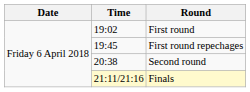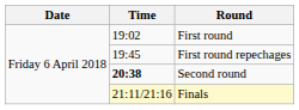 <table class="wikitable">
 <tr>
 <th>Date</th>
 <th>Time</th>
 <th>Round</th>
 </tr>
 <tr>
 <td rowspan=4>Friday 6 April 2018</td>
 <td>19:02</td>
 <td>First round</td>
 </tr>
 <tr>
 <td>19:45</td>
 <td>First round repechages</td>
 </tr>
 <tr>
-<td>20:38</td>
+<td><strong>20:38</strong></td>
 <td>Second round</td>
 </tr>
 <tr>
 <td style=background:lemonchiffon>21:11/21:16</td>
 <td style=background:lemonchiffon>Finals</td>
 </tr>
 </table>
